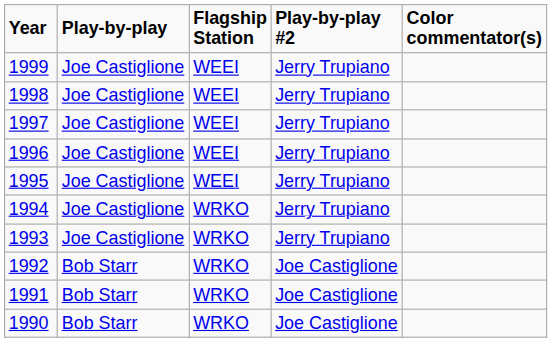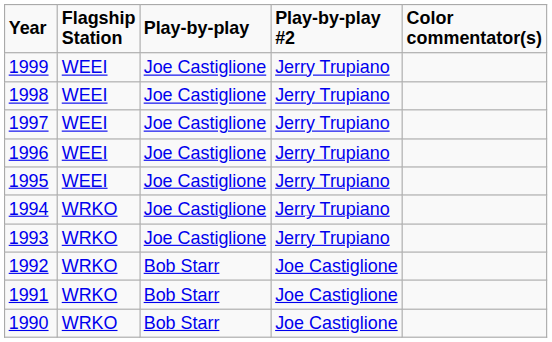 <table class="wikitable">
 <tr>
 <td width="40"><strong>Year</strong></td>
+<td width="40"><strong>Flagship Station</strong></td>
 <td width="110"><strong>Play-by-play</strong></td>
-<td width="40"><strong>Flagship Station</strong></td>
 <td width="110"><strong>Play-by-play #2</strong></td>
 <td width="110"><strong>Color commentator(s)</strong></td>
 </tr>
 <tr>
 <td><a href='#'>1999</a></td>
+<td><a href='#'>WEEI</a></td>
 <td><a href='#'>Joe Castiglione</a></td>
-<td><a href='#'>WEEI</a></td>
 <td><a href='#'>Jerry Trupiano</a></td>
 <td></td>
 </tr>
 <tr>
 <td><a href='#'>1998</a></td>
+<td><a href='#'>WEEI</a></td>
 <td><a href='#'>Joe Castiglione</a></td>
-<td><a href='#'>WEEI</a></td>
 <td><a href='#'>Jerry Trupiano</a></td>
 <td></td>
 </tr>
 <tr>
 <td><a href='#'>1997</a></td>
+<td><a href='#'>WEEI</a></td>
 <td><a href='#'>Joe Castiglione</a></td>
-<td><a href='#'>WEEI</a></td>
 <td><a href='#'>Jerry Trupiano</a></td>
 <td></td>
 </tr>
 <tr>
 <td><a href='#'>1996</a></td>
+<td><a href='#'>WEEI</a></td>
 <td><a href='#'>Joe Castiglione</a></td>
-<td><a href='#'>WEEI</a></td>
 <td><a href='#'>Jerry Trupiano</a></td>
 <td></td>
 </tr>
 <tr>
 <td><a href='#'>1995</a></td>
+<td><a href='#'>WEEI</a></td>
 <td><a href='#'>Joe Castiglione</a></td>
-<td><a href='#'>WEEI</a></td>
 <td><a href='#'>Jerry Trupiano</a></td>
 <td></td>
 </tr>
 <tr>
 <td><a href='#'>1994</a></td>
+<td><a href='#'>WRKO</a></td>
 <td><a href='#'>Joe Castiglione</a></td>
-<td><a href='#'>WRKO</a></td>
 <td><a href='#'>Jerry Trupiano</a></td>
 <td></td>
 </tr>
 <tr>
 <td><a href='#'>1993</a></td>
+<td><a href='#'>WRKO</a></td>
 <td><a href='#'>Joe Castiglione</a></td>
-<td><a href='#'>WRKO</a></td>
 <td><a href='#'>Jerry Trupiano</a></td>
 <td></td>
 </tr>
 <tr>
 <td><a href='#'>1992</a></td>
+<td><a href='#'>WRKO</a></td>
 <td><a href='#'>Bob Starr</a></td>
-<td><a href='#'>WRKO</a></td>
 <td><a href='#'>Joe Castiglione</a></td>
 <td></td>
 </tr>
 <tr>
 <td><a href='#'>1991</a></td>
+<td><a href='#'>WRKO</a></td>
 <td><a href='#'>Bob Starr</a></td>
-<td><a href='#'>WRKO</a></td>
 <td><a href='#'>Joe Castiglione</a></td>
 <td></td>
 </tr>
 <tr>
 <td><a href='#'>1990</a></td>
+<td><a href='#'>WRKO</a></td>
 <td><a href='#'>Bob Starr</a></td>
-<td><a href='#'>WRKO</a></td>
 <td><a href='#'>Joe Castiglione</a></td>
 <td></td>
 </tr>
 </table>
